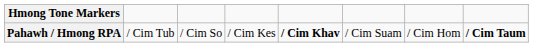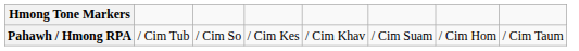 <table class="wikitable">
 <tr align="center">
 <th>Hmong Tone Markers</th>
 <td></td>
 <td></td>
 <td></td>
 <td></td>
 <td></td>
 <td></td>
 <td></td>
 </tr>
 <tr align="center">
 <th>Pahawh / Hmong RPA</th>
 <td> / Cim Tub</td>
 <td> / Cim So</td>
 <td> / Cim Kes</td>
-<td><strong> / Cim Khav</strong></td>
+<td> / Cim Khav</td>
 <td> / Cim Suam</td>
 <td> / Cim Hom</td>
-<td><strong> / Cim Taum</strong></td>
+<td> / Cim Taum</td>
 </tr>
 </table>
